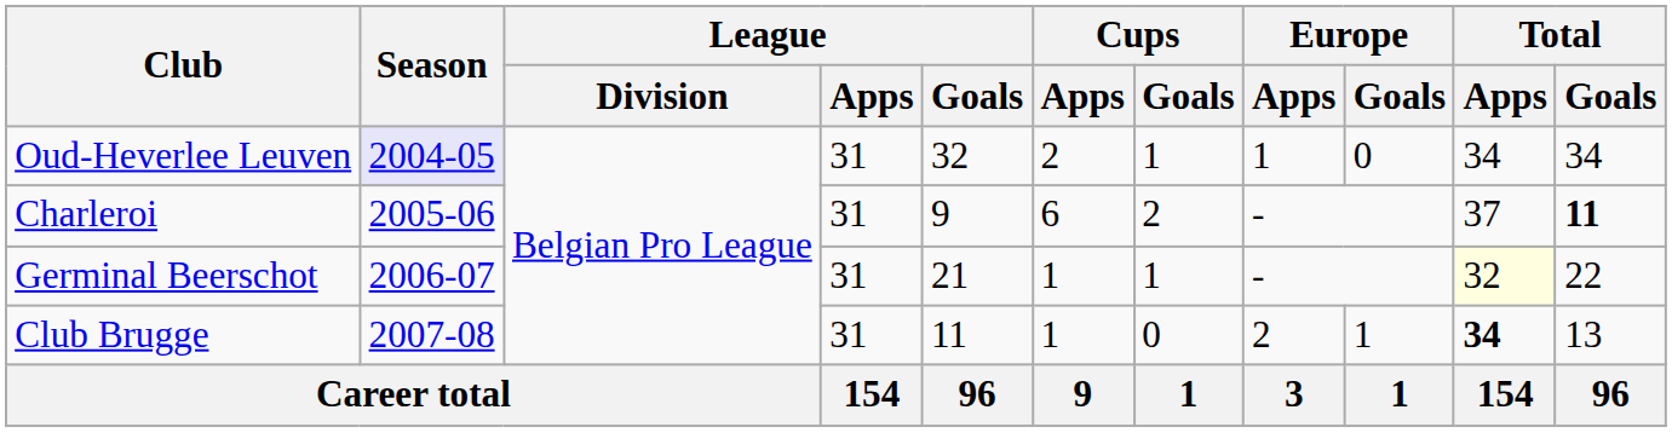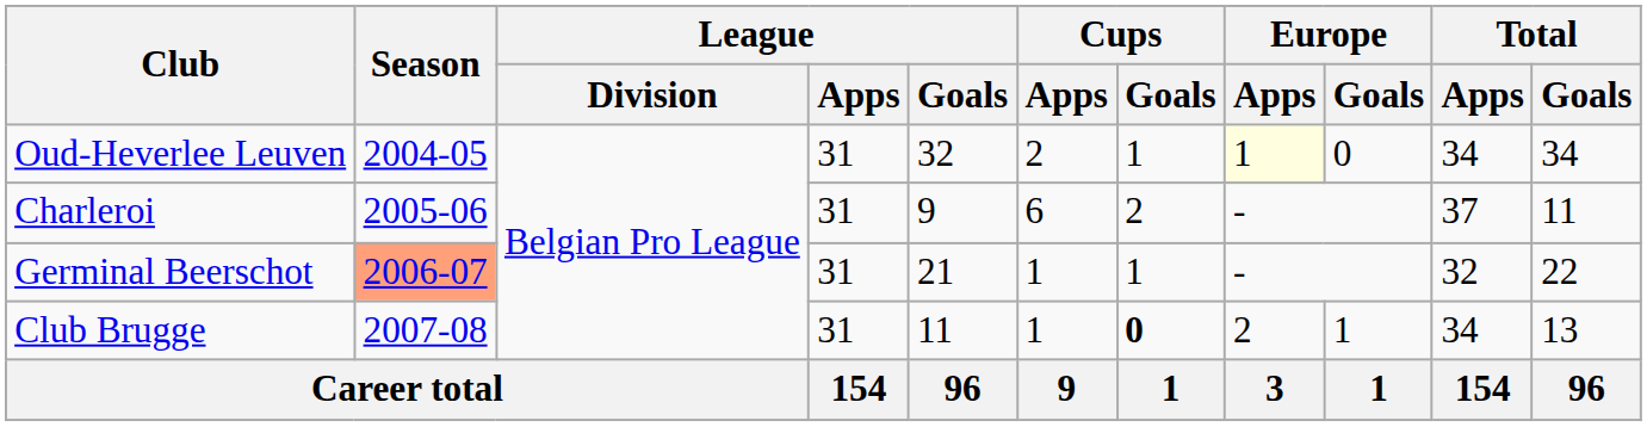 <table class="wikitable">
 <tr>
 <th rowspan=2>Club</th>
 <th rowspan=2>Season</th>
 <th colspan=3>League</th>
 <th colspan=2>Cups</th>
 <th colspan=2>Europe</th>
 <th colspan=3>Total</th>
 </tr>
 <tr>
 <th>Division</th>
 <th>Apps</th>
 <th>Goals</th>
 <th>Apps</th>
 <th>Goals</th>
 <th>Apps</th>
 <th>Goals</th>
 <th>Apps</th>
 <th>Goals</th>
 </tr>
 <tr>
 <td><a href='#'>Oud-Heverlee Leuven</a></td>
-<td style="background: lavender;"><a href='#'>2004-05</a></td>
+<td><a href='#'>2004-05</a></td>
 <td rowspan=4><a href='#'>Belgian Pro League</a></td>
 <td>31</td>
 <td>32</td>
 <td>2</td>
 <td>1</td>
-<td>1</td>
+<td style="background: lightyellow;">1</td>
 <td>0</td>
 <td>34</td>
 <td>34</td>
 </tr>
 <tr>
 <td><a href='#'>Charleroi</a></td>
 <td><a href='#'>2005-06</a></td>
 <td>31</td>
 <td>9</td>
 <td>6</td>
 <td>2</td>
 <td colspan=2>-</td>
 <td>37</td>
-<td><strong>11</strong></td>
+<td>11</td>
 </tr>
 <tr>
 <td><a href='#'>Germinal Beerschot</a></td>
-<td><a href='#'>2006-07</a></td>
+<td style="background: lightsalmon;"><a href='#'>2006-07</a></td>
 <td>31</td>
 <td>21</td>
 <td>1</td>
 <td>1</td>
 <td colspan=2>-</td>
-<td style="background: lightyellow;">32</td>
+<td>32</td>
 <td>22</td>
 </tr>
 <tr>
 <td><a href='#'>Club Brugge</a></td>
 <td><a href='#'>2007-08</a></td>
 <td>31</td>
 <td>11</td>
 <td>1</td>
-<td>0</td>
+<td><strong>0</strong></td>
 <td>2</td>
 <td>1</td>
-<td><strong>34</strong></td>
+<td>34</td>
 <td>13</td>
 </tr>
 <tr>
 <th colspan=3>Career total</th>
 <th>154</th>
 <th>96</th>
 <th>9</th>
 <th>1</th>
 <th>3</th>
 <th>1</th>
 <th>154</th>
 <th>96</th>
 </tr>
 </table>
